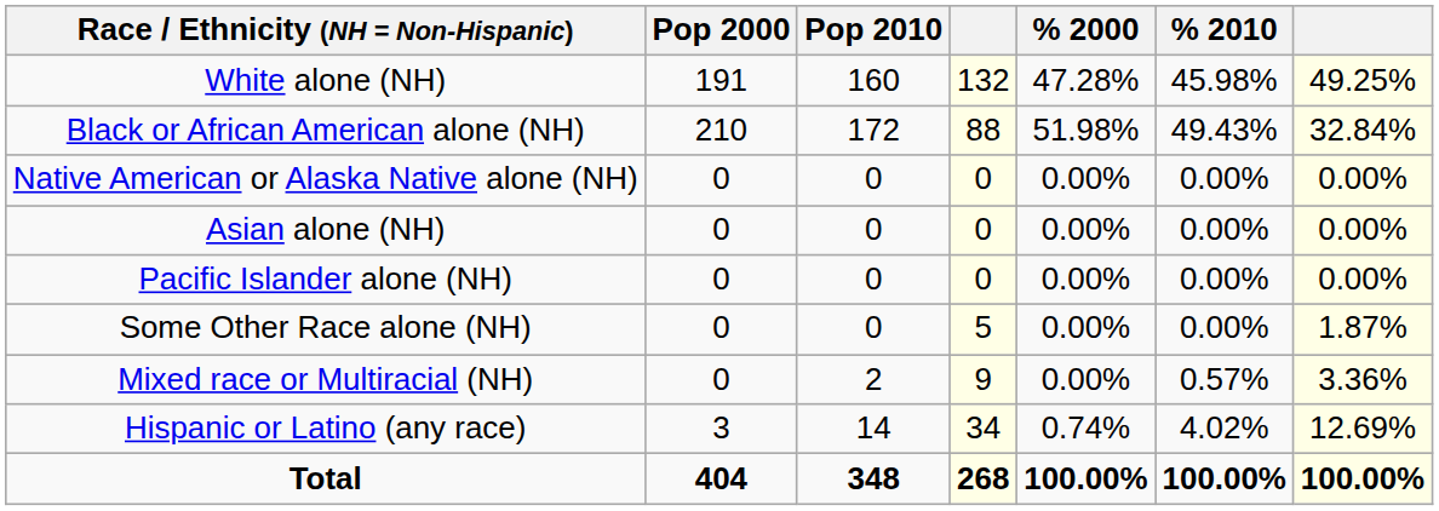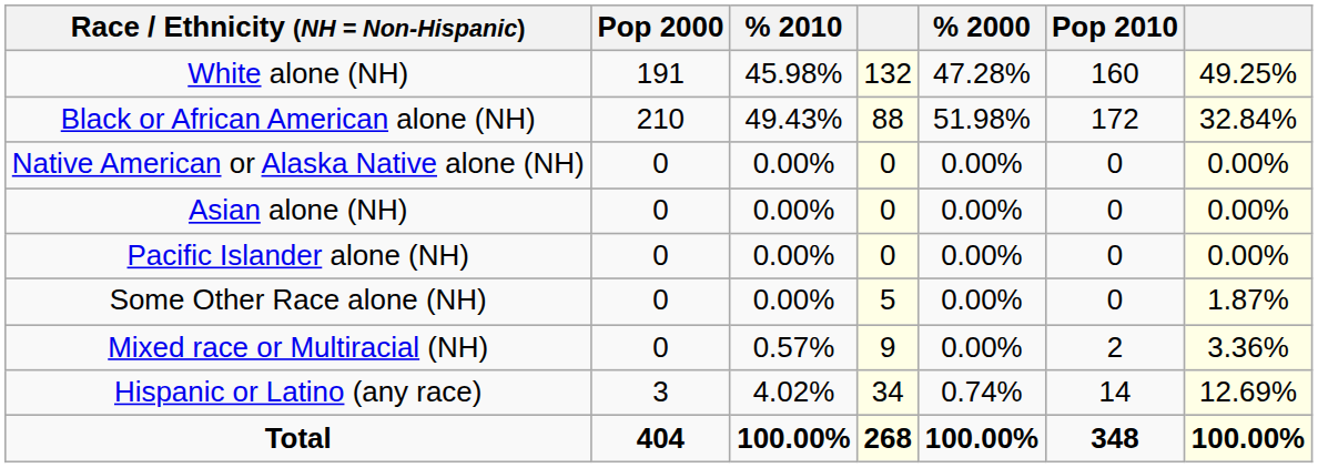 <table class="wikitable" style="text-align:center;">
 <tr>
 <th>Race / Ethnicity <small>(<em>NH = Non-Hispanic</em>)</small></th>
 <th>Pop 2000</th>
-<th>Pop 2010</th>
+<th>% 2010</th>
 <th></th>
 <th>% 2000</th>
-<th>% 2010</th>
+<th>Pop 2010</th>
 <th></th>
 </tr>
 <tr>
 <td><a href='#'>White</a> alone (NH)</td>
 <td>191</td>
-<td>160</td>
+<td>45.98%</td>
 <td style='background: #ffffe6;'>132</td>
 <td>47.28%</td>
-<td>45.98%</td>
+<td>160</td>
 <td style='background: #ffffe6;'>49.25%</td>
 </tr>
 <tr>
 <td><a href='#'>Black or African American</a> alone (NH)</td>
 <td>210</td>
-<td>172</td>
+<td>49.43%</td>
 <td style='background: #ffffe6;'>88</td>
 <td>51.98%</td>
-<td>49.43%</td>
+<td>172</td>
 <td style='background: #ffffe6;'>32.84%</td>
 </tr>
 <tr>
 <td><a href='#'>Native American</a> or <a href='#'>Alaska Native</a> alone (NH)</td>
 <td>0</td>
-<td>0</td>
+<td>0.00%</td>
 <td style='background: #ffffe6;'>0</td>
 <td>0.00%</td>
-<td>0.00%</td>
+<td>0</td>
 <td style='background: #ffffe6;'>0.00%</td>
 </tr>
 <tr>
 <td><a href='#'>Asian</a> alone (NH)</td>
 <td>0</td>
-<td>0</td>
+<td>0.00%</td>
 <td style='background: #ffffe6;'>0</td>
 <td>0.00%</td>
-<td>0.00%</td>
+<td>0</td>
 <td style='background: #ffffe6;'>0.00%</td>
 </tr>
 <tr>
 <td><a href='#'>Pacific Islander</a> alone (NH)</td>
 <td>0</td>
-<td>0</td>
+<td>0.00%</td>
 <td style='background: #ffffe6;'>0</td>
 <td>0.00%</td>
-<td>0.00%</td>
+<td>0</td>
 <td style='background: #ffffe6;'>0.00%</td>
 </tr>
 <tr>
 <td>Some Other Race alone (NH)</td>
 <td>0</td>
-<td>0</td>
+<td>0.00%</td>
 <td style='background: #ffffe6;'>5</td>
 <td>0.00%</td>
-<td>0.00%</td>
+<td>0</td>
 <td style='background: #ffffe6;'>1.87%</td>
 </tr>
 <tr>
 <td><a href='#'>Mixed race or Multiracial</a> (NH)</td>
 <td>0</td>
-<td>2</td>
+<td>0.57%</td>
 <td style='background: #ffffe6;'>9</td>
 <td>0.00%</td>
-<td>0.57%</td>
+<td>2</td>
 <td style='background: #ffffe6;'>3.36%</td>
 </tr>
 <tr>
 <td><a href='#'>Hispanic or Latino</a> (any race)</td>
 <td>3</td>
-<td>14</td>
+<td>4.02%</td>
 <td style='background: #ffffe6;'>34</td>
 <td>0.74%</td>
-<td>4.02%</td>
+<td>14</td>
 <td style='background: #ffffe6;'>12.69%</td>
 </tr>
 <tr>
 <td><strong>Total</strong></td>
 <td><strong>404</strong></td>
-<td><strong>348</strong></td>
+<td><strong>100.00%</strong></td>
 <td style='background: #ffffe6;'><strong>268</strong></td>
 <td><strong>100.00%</strong></td>
-<td><strong>100.00%</strong></td>
+<td><strong>348</strong></td>
 <td style='background: #ffffe6;'><strong>100.00%</strong></td>
 </tr>
 </table>
